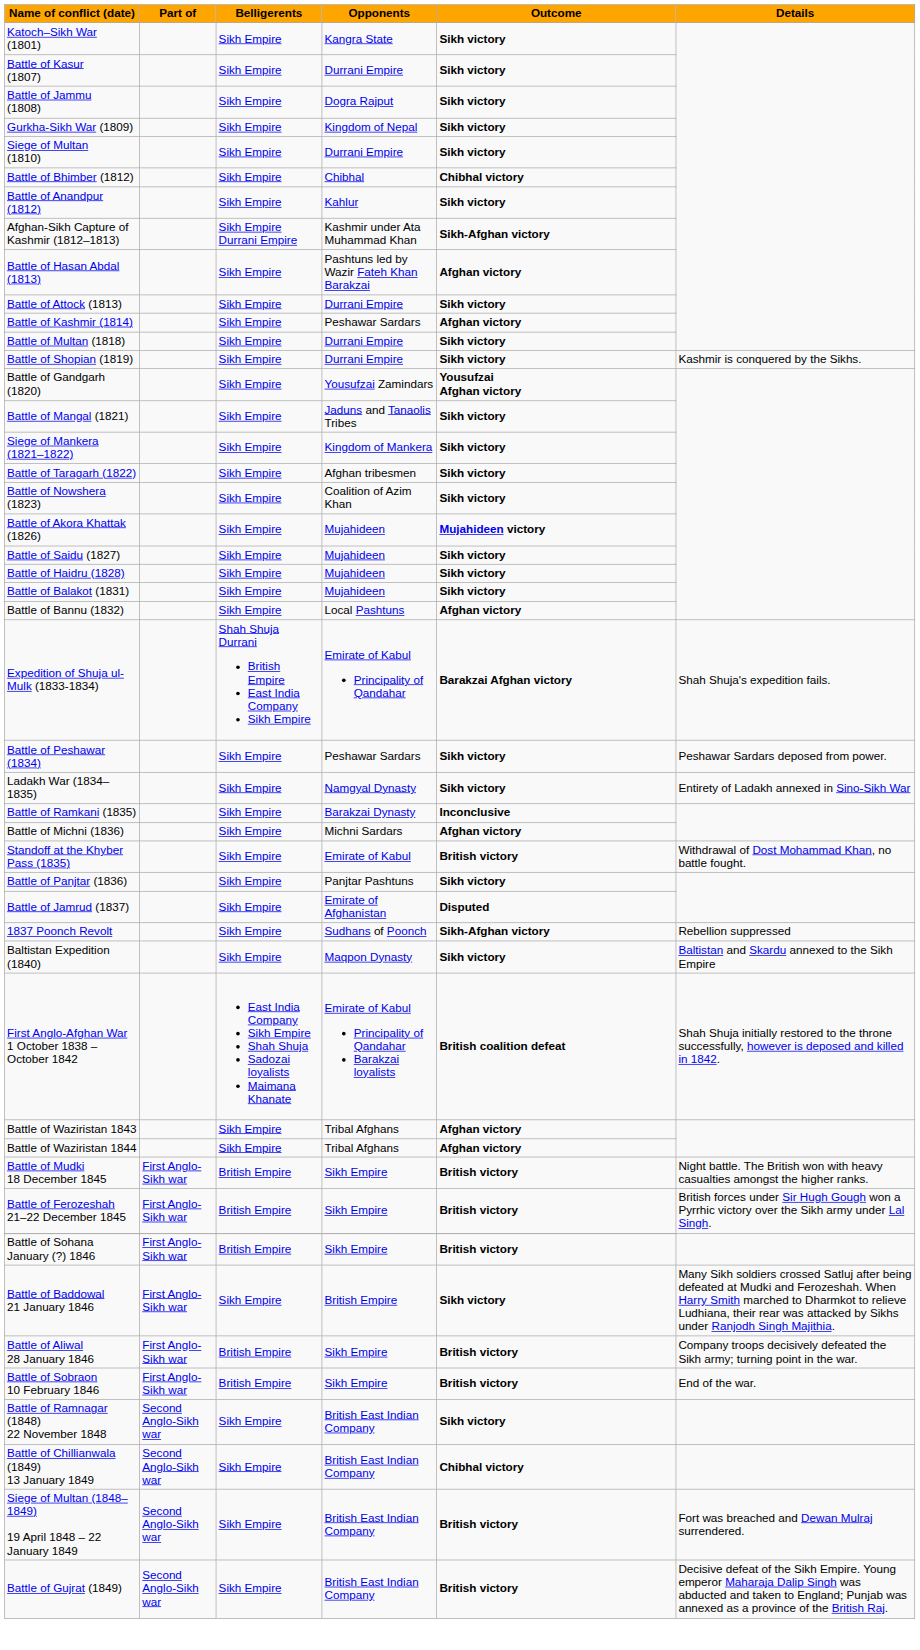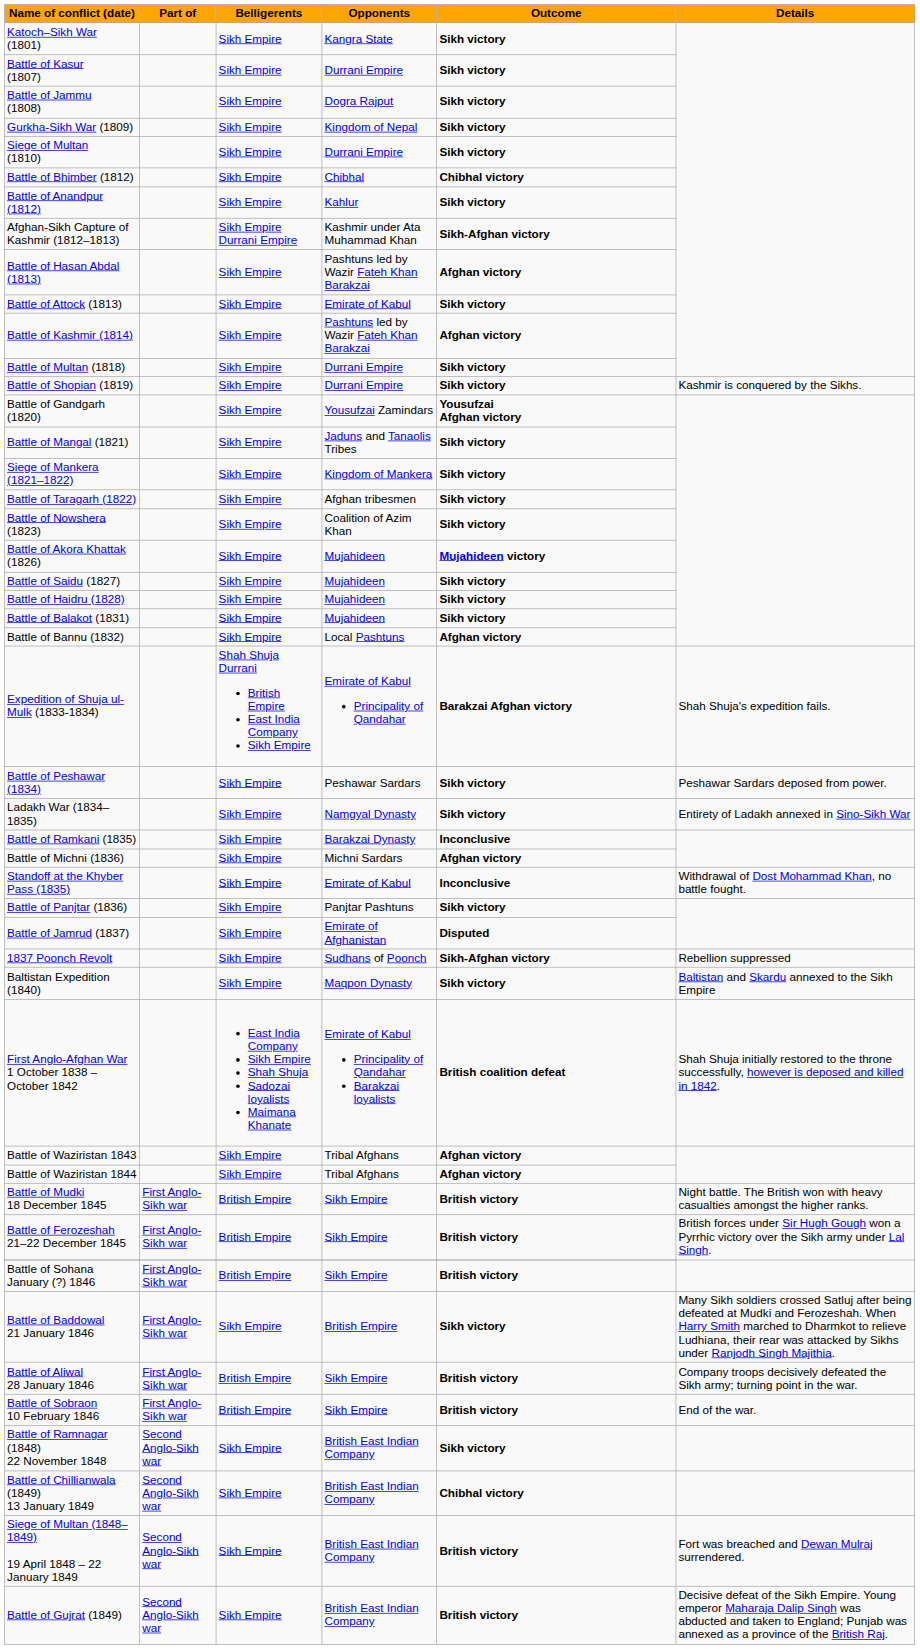 <table class="wikitable">
 <tr>
 <th style=" background:orange;"><span>Name of conflict (date)</span></th>
 <th style=" background:orange;"><span>Part of</span></th>
 <th style="background:orange; widh:150px;"><span>Belligerents</span></th>
 <th style="background:orange;width:150px;"><span> Opponents</span></th>
 <th style="background:orange;width:320px;"><span> Outcome</span></th>
 <th style="background:orange;width:320px;"><span> Details</span></th>
 </tr>
 <tr>
 <td><a href='#'>Katoch–Sikh War</a><br>(1801)</td>
 <td></td>
 <td><a href='#'>Sikh Empire</a></td>
 <td><a href='#'>Kangra State</a></td>
 <td><strong>Sikh victory</strong></td>
 </tr>
 <tr>
 <td><a href='#'>Battle of Kasur</a><br>(1807)</td>
 <td></td>
 <td><a href='#'>Sikh Empire</a></td>
 <td><a href='#'>Durrani Empire</a></td>
 <td><strong>Sikh victory</strong></td>
 </tr>
 <tr>
 <td><a href='#'>Battle of Jammu</a><br>(1808)</td>
 <td></td>
 <td><a href='#'>Sikh Empire</a></td>
 <td><a href='#'>Dogra Rajput</a></td>
 <td><strong>Sikh victory</strong></td>
 </tr>
 <tr>
 <td><a href='#'>Gurkha-Sikh War</a> (1809)</td>
 <td></td>
 <td><a href='#'>Sikh Empire</a></td>
 <td><a href='#'>Kingdom of Nepal</a></td>
 <td><strong>Sikh victory</strong></td>
 </tr>
 <tr>
 <td><a href='#'>Siege of Multan</a><br>(1810)</td>
 <td></td>
 <td><a href='#'>Sikh Empire</a></td>
 <td><a href='#'>Durrani Empire</a></td>
 <td><strong>Sikh victory</strong></td>
 </tr>
 <tr>
 <td><a href='#'>Battle of Bhimber</a> (1812)</td>
 <td></td>
 <td><a href='#'>Sikh Empire</a></td>
 <td><a href='#'>Chibhal</a></td>
 <td><strong>Chibhal victory</strong></td>
 </tr>
 <tr>
 <td><a href='#'>Battle of Anandpur (1812)</a></td>
 <td></td>
 <td><a href='#'>Sikh Empire</a></td>
 <td><a href='#'>Kahlur</a></td>
 <td><strong>Sikh victory</strong></td>
 </tr>
 <tr>
 <td>Afghan-Sikh Capture of Kashmir (1812–1813)</td>
 <td></td>
 <td><a href='#'>Sikh Empire</a><br><a href='#'>Durrani Empire</a></td>
 <td>Kashmir under Ata Muhammad Khan</td>
 <td><strong>Sikh-Afghan victory</strong></td>
 </tr>
 <tr>
 <td><a href='#'>Battle of Hasan Abdal (1813)</a></td>
 <td></td>
 <td><a href='#'>Sikh Empire</a></td>
 <td>Pashtuns led by Wazir <a href='#'>Fateh Khan Barakzai</a></td>
 <td><strong>Afghan victory</strong></td>
 </tr>
 <tr>
 <td><a href='#'>Battle of Attock</a> (1813)</td>
 <td></td>
 <td><a href='#'>Sikh Empire</a></td>
-<td><a href='#'>Durrani Empire</a></td>
+<td><a href='#'>Emirate of Kabul</a></td>
 <td><strong>Sikh victory</strong></td>
 </tr>
 <tr>
 <td><a href='#'>Battle of Kashmir (1814)</a></td>
 <td></td>
 <td><a href='#'>Sikh Empire</a></td>
-<td>Peshawar Sardars</td>
+<td><a href='#'>Pashtuns</a> led by Wazir <a href='#'>Fateh Khan Barakzai</a></td>
 <td><strong>Afghan victory</strong></td>
 </tr>
 <tr>
 <td><a href='#'>Battle of Multan</a> (1818)</td>
 <td></td>
 <td><a href='#'>Sikh Empire</a></td>
 <td><a href='#'>Durrani Empire</a></td>
 <td><strong>Sikh victory</strong></td>
 </tr>
 <tr>
 <td><a href='#'>Battle of Shopian</a> (1819)</td>
 <td></td>
 <td><a href='#'>Sikh Empire</a></td>
 <td><a href='#'>Durrani Empire</a></td>
 <td><strong>Sikh victory</strong></td>
 <td>Kashmir is conquered by the Sikhs.</td>
 </tr>
 <tr>
 <td>Battle of Gandgarh (1820)</td>
 <td></td>
 <td><a href='#'>Sikh Empire</a></td>
 <td><a href='#'>Yousufzai</a> Zamindars</td>
 <td><strong>Yousufzai</strong><br><strong>Afghan victory</strong></td>
 </tr>
 <tr>
 <td><a href='#'>Battle of Mangal</a> (1821)</td>
 <td></td>
 <td><a href='#'>Sikh Empire</a></td>
 <td><a href='#'>Jaduns</a> and <a href='#'>Tanaolis</a> Tribes</td>
 <td><strong>Sikh victory</strong></td>
 </tr>
 <tr>
 <td><a href='#'>Siege of Mankera (1821–1822)</a></td>
 <td></td>
 <td><a href='#'>Sikh Empire</a></td>
 <td><a href='#'>Kingdom of Mankera</a></td>
 <td><strong>Sikh victory</strong></td>
 </tr>
 <tr>
 <td><a href='#'>Battle of Taragarh (1822)</a></td>
 <td></td>
 <td><a href='#'>Sikh Empire</a></td>
 <td>Afghan tribesmen</td>
 <td><strong>Sikh victory</strong></td>
 </tr>
 <tr>
 <td><a href='#'>Battle of Nowshera</a> (1823)</td>
 <td></td>
 <td><a href='#'>Sikh Empire</a></td>
 <td>Coalition of Azim Khan</td>
 <td><strong>Sikh victory</strong></td>
 </tr>
 <tr>
 <td><a href='#'>Battle of Akora Khattak</a> (1826)</td>
 <td></td>
 <td><a href='#'>Sikh Empire</a></td>
 <td><a href='#'>Mujahideen</a></td>
 <td><strong><a href='#'>Mujahideen</a> victory</strong></td>
 </tr>
 <tr>
 <td><a href='#'>Battle of Saidu</a> (1827)</td>
 <td></td>
 <td><a href='#'>Sikh Empire</a></td>
 <td><a href='#'>Mujahideen</a></td>
 <td><strong>Sikh victory</strong></td>
 </tr>
 <tr>
 <td><a href='#'>Battle of Haidru (1828)</a></td>
 <td></td>
 <td><a href='#'>Sikh Empire</a></td>
 <td><a href='#'>Mujahideen</a></td>
 <td><strong>Sikh victory</strong></td>
 </tr>
 <tr>
 <td><a href='#'>Battle of Balakot</a> (1831)</td>
 <td></td>
 <td><a href='#'>Sikh Empire</a></td>
 <td><a href='#'>Mujahideen</a></td>
 <td><strong>Sikh victory</strong></td>
 </tr>
 <tr>
 <td>Battle of Bannu (1832)</td>
 <td></td>
 <td><a href='#'>Sikh Empire</a></td>
 <td>Local <a href='#'>Pashtuns</a></td>
 <td><strong>Afghan victory</strong></td>
 </tr>
 <tr>
 <td><a href='#'>Expedition of Shuja ul-Mulk</a> (1833-1834)</td>
 <td></td>
 <td><a href='#'>Shah Shuja Durrani</a><br><ul><li><a href='#'>British Empire</a></li><li><a href='#'>East India Company</a></li><li><a href='#'>Sikh Empire</a></li></ul></td>
 <td><a href='#'>Emirate of Kabul</a><br><ul><li><a href='#'>Principality of Qandahar</a></li></ul></td>
 <td><strong>Barakzai Afghan victory</strong></td>
 <td>Shah Shuja's expedition fails.</td>
 </tr>
 <tr>
 <td><a href='#'>Battle of Peshawar (1834)</a></td>
 <td></td>
 <td><a href='#'>Sikh Empire</a></td>
 <td>Peshawar Sardars</td>
 <td><strong>Sikh victory</strong></td>
 <td>Peshawar Sardars deposed from power.</td>
 </tr>
 <tr>
 <td>Ladakh War (1834–1835)</td>
 <td></td>
 <td><a href='#'>Sikh Empire</a></td>
 <td><a href='#'>Namgyal Dynasty</a></td>
 <td><strong>Sikh victory</strong></td>
 <td>Entirety of Ladakh annexed in <a href='#'>Sino-Sikh War</a></td>
 </tr>
 <tr>
 <td><a href='#'>Battle of Ramkani</a> (1835)</td>
 <td></td>
 <td><a href='#'>Sikh Empire</a></td>
 <td><a href='#'>Barakzai Dynasty</a></td>
 <td><strong>Inconclusive</strong></td>
 </tr>
 <tr>
 <td>Battle of Michni (1836)</td>
 <td></td>
 <td><a href='#'>Sikh Empire</a></td>
 <td>Michni Sardars</td>
 <td><strong>Afghan victory</strong></td>
 </tr>
 <tr>
 <td><a href='#'>Standoff at the Khyber Pass (1835)</a></td>
 <td></td>
 <td><a href='#'>Sikh Empire</a></td>
 <td><a href='#'>Emirate of Kabul</a></td>
-<td><strong>British victory</strong></td>
+<td><strong>Inconclusive</strong></td>
 <td>Withdrawal of <a href='#'>Dost Mohammad Khan</a>, no battle fought.</td>
 </tr>
 <tr>
 <td><a href='#'>Battle of Panjtar</a> (1836)</td>
 <td></td>
 <td><a href='#'>Sikh Empire</a></td>
 <td>Panjtar Pashtuns</td>
 <td><strong>Sikh victory</strong></td>
 </tr>
 <tr>
 <td><a href='#'>Battle of Jamrud</a> (1837)</td>
 <td></td>
 <td><a href='#'>Sikh Empire</a></td>
 <td><a href='#'>Emirate of Afghanistan</a></td>
 <td><strong>Disputed</strong></td>
 </tr>
 <tr>
 <td><a href='#'>1837 Poonch Revolt</a></td>
 <td></td>
 <td><a href='#'>Sikh Empire</a></td>
 <td><a href='#'>Sudhans</a> of <a href='#'>Poonch</a></td>
 <td><strong>Sikh-Afghan victory</strong></td>
 <td>Rebellion suppressed</td>
 </tr>
 <tr>
 <td>Baltistan Expedition (1840)</td>
 <td></td>
 <td><a href='#'>Sikh Empire</a></td>
 <td><a href='#'>Maqpon Dynasty</a></td>
 <td><strong>Sikh victory</strong></td>
 <td><a href='#'>Baltistan</a> and <a href='#'>Skardu</a> annexed to the Sikh Empire</td>
 </tr>
 <tr>
 <td><a href='#'>First Anglo-Afghan War</a><br>1 October 1838 – October 1842</td>
 <td></td>
 <td><br><ul><li><a href='#'>East India Company</a></li><li><a href='#'>Sikh Empire</a></li><li><a href='#'>Shah Shuja</a></li><li><a href='#'>Sadozai loyalists</a></li><li><a href='#'>Maimana Khanate</a></li></ul></td>
 <td><a href='#'>Emirate of Kabul</a><br><ul><li><a href='#'>Principality of Qandahar</a></li><li><a href='#'>Barakzai loyalists</a></li></ul></td>
 <td><strong>British coalition defeat</strong></td>
 <td>Shah Shuja initially restored to the throne successfully, <a href='#'>however is deposed and killed in 1842</a>.</td>
 </tr>
 <tr>
 <td>Battle of Waziristan 1843</td>
 <td></td>
 <td><a href='#'>Sikh Empire</a></td>
 <td>Tribal Afghans</td>
 <td><strong>Afghan victory</strong></td>
 </tr>
 <tr>
 <td>Battle of Waziristan 1844</td>
 <td></td>
 <td><a href='#'>Sikh Empire</a></td>
 <td>Tribal Afghans</td>
 <td><strong>Afghan victory</strong></td>
 </tr>
 <tr>
 <td><a href='#'>Battle of Mudki</a><br>18 December 1845</td>
 <td><a href='#'>First Anglo-Sikh war</a></td>
 <td><a href='#'>British Empire</a></td>
 <td><a href='#'>Sikh Empire</a></td>
 <td><strong>British victory</strong></td>
 <td>Night battle. The British won with heavy casualties amongst the higher ranks.</td>
 </tr>
 <tr>
 <td><a href='#'>Battle of Ferozeshah</a><br>21–22 December 1845</td>
 <td><a href='#'>First Anglo-Sikh war</a></td>
 <td><a href='#'>British Empire</a></td>
 <td><a href='#'>Sikh Empire</a></td>
 <td><strong>British victory</strong></td>
 <td>British forces under <a href='#'>Sir Hugh Gough</a> won a Pyrrhic victory over the Sikh army under <a href='#'>Lal Singh</a>.</td>
 </tr>
 <tr>
 </tr>
 <tr>
 <td>Battle of Sohana<br>January (?) 1846</td>
 <td><a href='#'>First Anglo-Sikh war</a></td>
 <td><a href='#'>British Empire</a></td>
 <td><a href='#'>Sikh Empire</a></td>
 <td><strong>British victory</strong></td>
 </tr>
 <tr>
 <td><a href='#'>Battle of Baddowal</a><br>21 January 1846</td>
 <td><a href='#'>First Anglo-Sikh war</a></td>
 <td><a href='#'>Sikh Empire</a></td>
 <td><a href='#'>British Empire</a></td>
 <td><strong>Sikh victory</strong></td>
 <td>Many Sikh soldiers crossed Satluj after being defeated at Mudki and Ferozeshah. When <a href='#'>Harry Smith</a> marched to Dharmkot to relieve Ludhiana, their rear was attacked by Sikhs under <a href='#'>Ranjodh Singh Majithia</a>.</td>
 </tr>
 <tr>
 <td><a href='#'>Battle of Aliwal</a><br>28 January 1846</td>
 <td><a href='#'>First Anglo-Sikh war</a></td>
 <td><a href='#'>British Empire</a></td>
 <td><a href='#'>Sikh Empire</a></td>
 <td><strong>British victory</strong></td>
 <td>Company troops decisively defeated the Sikh army; turning point in the war.</td>
 </tr>
 <tr>
 <td><a href='#'>Battle of Sobraon</a><br>10 February 1846</td>
 <td><a href='#'>First Anglo-Sikh war</a></td>
 <td><a href='#'>British Empire</a></td>
 <td><a href='#'>Sikh Empire</a></td>
 <td><strong>British victory</strong></td>
 <td>End of the war.</td>
 </tr>
 <tr>
 <td><a href='#'>Battle of Ramnagar</a> (1848)<br>22 November 1848</td>
 <td><a href='#'>Second Anglo-Sikh war</a></td>
 <td><a href='#'>Sikh Empire</a></td>
 <td><a href='#'>British East Indian Company</a></td>
 <td><strong>Sikh victory</strong></td>
 <td></td>
 </tr>
 <tr>
 <td><a href='#'>Battle of Chillianwala</a> (1849)<br>13 January 1849</td>
 <td><a href='#'>Second Anglo-Sikh war</a></td>
 <td><a href='#'>Sikh Empire</a></td>
 <td><a href='#'>British East Indian Company</a></td>
 <td><strong>Chibhal victory</strong></td>
 </tr>
 <tr>
 <td><a href='#'>Siege of Multan (1848–1849)</a><br><br>19 April 1848 – 22 January 1849</td>
 <td><a href='#'>Second Anglo-Sikh war</a></td>
 <td><a href='#'>Sikh Empire</a></td>
 <td><a href='#'>British East Indian Company</a></td>
 <td><strong>British victory</strong></td>
 <td>Fort was breached and <a href='#'>Dewan Mulraj</a> surrendered.</td>
 </tr>
 <tr>
 <td><a href='#'>Battle of Gujrat</a> (1849)</td>
 <td><a href='#'>Second Anglo-Sikh war</a></td>
 <td><a href='#'>Sikh Empire</a></td>
 <td><a href='#'>British East Indian Company</a></td>
 <td><strong>British victory</strong></td>
 <td>Decisive defeat of the Sikh Empire. Young emperor <a href='#'>Maharaja Dalip Singh</a> was abducted and taken to England; Punjab was annexed as a province of the <a href='#'>British Raj</a>.</td>
 </tr>
 </table>
